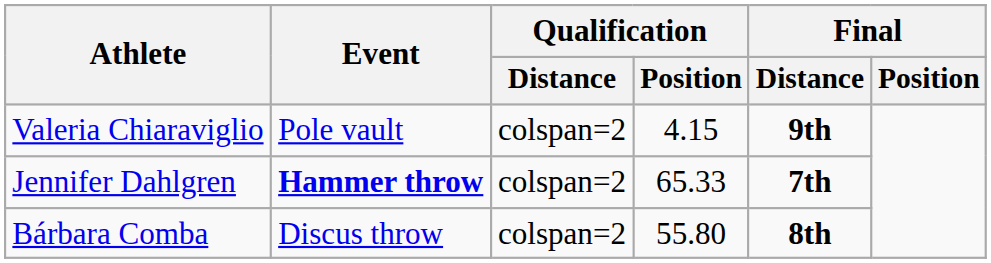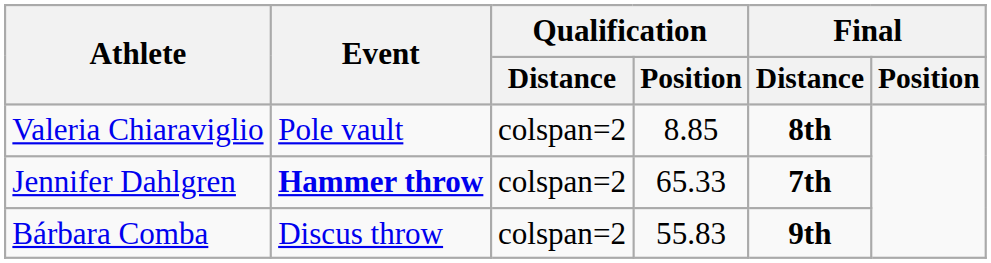 <table class=wikitable style="font-size:90%">
 <tr>
 <th rowspan="2">Athlete</th>
 <th rowspan="2">Event</th>
 <th colspan="2">Qualification</th>
 <th colspan="2">Final</th>
 </tr>
 <tr style="font-size:95%">
 <th>Distance</th>
 <th>Position</th>
 <th>Distance</th>
 <th>Position</th>
 </tr>
 <tr align=center>
 <td align=left><a href='#'>Valeria Chiaraviglio</a></td>
 <td align=left><a href='#'>Pole vault</a></td>
 <td>colspan=2 </td>
-<td>4.15</td>
-<td><strong>9th</strong></td>
+<td>8.85</td>
+<td><strong>8th</strong></td>
 </tr>
 <tr align=center>
 <td align=left><a href='#'>Jennifer Dahlgren</a></td>
 <td align=left><strong><a href='#'>Hammer throw</a></strong></td>
 <td>colspan=2 </td>
 <td>65.33</td>
 <td><strong>7th</strong></td>
 </tr>
 <tr align=center>
 <td align=left><a href='#'>Bárbara Comba</a></td>
 <td align=left><a href='#'>Discus throw</a></td>
 <td>colspan=2 </td>
-<td>55.80</td>
-<td><strong>8th</strong></td>
+<td>55.83</td>
+<td><strong>9th</strong></td>
 </tr>
 </table>
